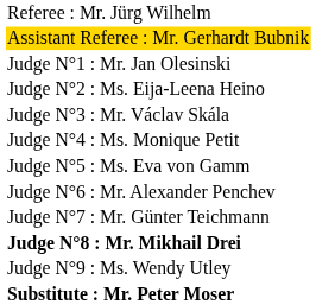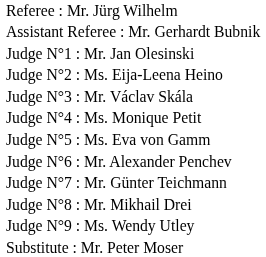 <table>
 <tr>
 <td>Referee : Mr. Jürg Wilhelm</td>
 </tr>
 <tr>
-<td style="background: gold;">Assistant Referee : Mr. Gerhardt Bubnik</td>
+<td>Assistant Referee : Mr. Gerhardt Bubnik</td>
 </tr>
 <tr>
 <td>Judge N°1 : Mr. Jan Olesinski </td>
 </tr>
 <tr>
 <td>Judge N°2 : Ms. Eija-Leena Heino </td>
 </tr>
 <tr>
 <td>Judge N°3 : Mr. Václav Skála </td>
 </tr>
 <tr>
 <td>Judge N°4 : Ms. Monique Petit </td>
 </tr>
 <tr>
 <td>Judge N°5 : Ms. Eva von Gamm </td>
 </tr>
 <tr>
 <td>Judge N°6 : Mr. Alexander Penchev </td>
 </tr>
 <tr>
 <td>Judge N°7 : Mr. Günter Teichmann </td>
 </tr>
 <tr>
-<td><strong>Judge N°8 : Mr. Mikhail Drei </strong></td>
+<td>Judge N°8 : Mr. Mikhail Drei </td>
 </tr>
 <tr>
 <td>Judge N°9 : Ms. Wendy Utley </td>
 </tr>
 <tr>
-<td><strong>Substitute : Mr. Peter Moser </strong></td>
+<td>Substitute : Mr. Peter Moser </td>
 </tr>
 </table>
